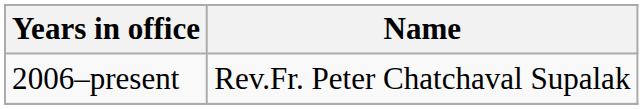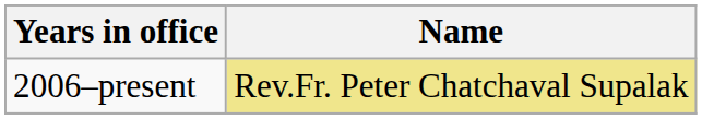 <table class="wikitable">
 <tr>
 <th>Years in office</th>
 <th>Name</th>
 </tr>
 <tr>
 <td>2006–present</td>
-<td>Rev.Fr. Peter Chatchaval Supalak</td>
+<td style="background: khaki;">Rev.Fr. Peter Chatchaval Supalak</td>
 </tr>
 <tr>
 </tr>
 </table>
